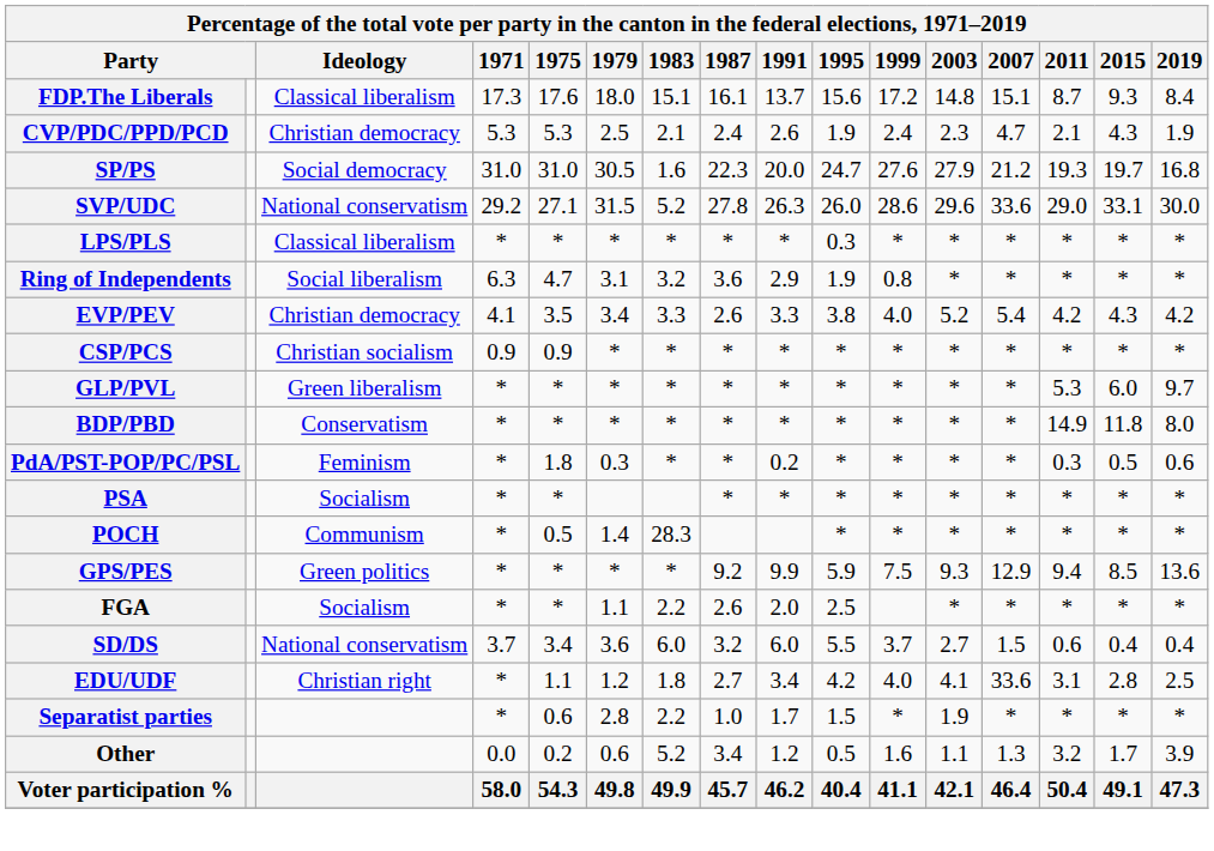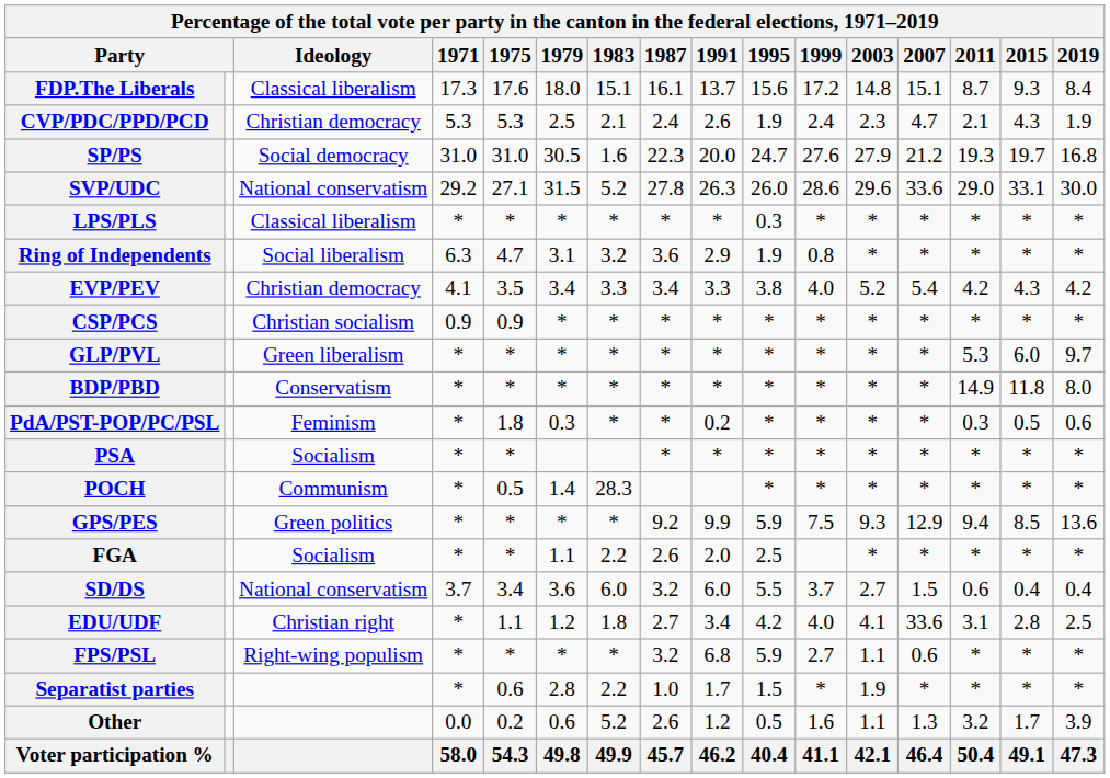 <table class="wikitable sortable" style ="text-align: center">
 <tr>
 <th colspan="16">Percentage of the total vote per party in the canton in the federal elections, 1971–2019</th>
 </tr>
 <tr>
 <th colspan="2">Party</th>
 <th class="unsortable">Ideology</th>
 <th>1971</th>
 <th>1975</th>
 <th>1979</th>
 <th>1983</th>
 <th>1987</th>
 <th>1991</th>
 <th>1995</th>
 <th>1999</th>
 <th>2003</th>
 <th>2007</th>
 <th>2011</th>
 <th>2015</th>
 <th>2019</th>
 </tr>
 <tr>
 <th><a href='#'>FDP.The Liberals</a></th>
 <td style="color:inherit;background:"></td>
 <td><a href='#'>Classical liberalism</a></td>
 <td>17.3</td>
 <td>17.6</td>
 <td>18.0</td>
 <td>15.1</td>
 <td>16.1</td>
 <td>13.7</td>
 <td>15.6</td>
 <td>17.2</td>
 <td>14.8</td>
 <td>15.1</td>
 <td>8.7</td>
 <td>9.3</td>
 <td>8.4</td>
 </tr>
 <tr>
 <th><a href='#'>CVP/PDC/PPD/PCD</a></th>
 <td style="color:inherit;background:"></td>
 <td><a href='#'>Christian democracy</a></td>
 <td>5.3</td>
 <td>5.3</td>
 <td>2.5</td>
 <td>2.1</td>
 <td>2.4</td>
 <td>2.6</td>
 <td>1.9</td>
 <td>2.4</td>
 <td>2.3</td>
 <td>4.7</td>
 <td>2.1</td>
 <td>4.3</td>
 <td>1.9</td>
 </tr>
 <tr>
 <th><a href='#'>SP/PS</a></th>
 <td style="color:inherit;background:"></td>
 <td><a href='#'>Social democracy</a></td>
 <td>31.0</td>
 <td>31.0</td>
 <td>30.5</td>
 <td>1.6</td>
 <td>22.3</td>
 <td>20.0</td>
 <td>24.7</td>
 <td>27.6</td>
 <td>27.9</td>
 <td>21.2</td>
 <td>19.3</td>
 <td>19.7</td>
 <td>16.8</td>
 </tr>
 <tr>
 <th><a href='#'>SVP/UDC</a></th>
 <td style="color:inherit;background:"></td>
 <td><a href='#'>National conservatism</a></td>
 <td>29.2</td>
 <td>27.1</td>
 <td>31.5</td>
 <td>5.2</td>
 <td>27.8</td>
 <td>26.3</td>
 <td>26.0</td>
 <td>28.6</td>
 <td>29.6</td>
 <td>33.6</td>
 <td>29.0</td>
 <td>33.1</td>
 <td>30.0</td>
 </tr>
 <tr>
 <th><a href='#'>LPS/PLS</a></th>
 <td style="color:inherit;background:"></td>
 <td><a href='#'>Classical liberalism</a></td>
 <td>*</td>
 <td>*</td>
 <td>*</td>
 <td>*</td>
 <td>*</td>
 <td>*</td>
 <td>0.3</td>
 <td>*</td>
 <td>*</td>
 <td>*</td>
 <td>*</td>
 <td>*</td>
 <td>*</td>
 </tr>
 <tr>
 <th><a href='#'>Ring of Independents</a></th>
 <td></td>
 <td><a href='#'>Social liberalism</a></td>
 <td>6.3</td>
 <td>4.7</td>
 <td>3.1</td>
 <td>3.2</td>
 <td>3.6</td>
 <td>2.9</td>
 <td>1.9</td>
 <td>0.8</td>
 <td>*</td>
 <td>*</td>
 <td>*</td>
 <td>*</td>
 <td>*</td>
 </tr>
 <tr>
 <th><a href='#'>EVP/PEV</a></th>
 <td style="color:inherit;background:"></td>
 <td><a href='#'>Christian democracy</a></td>
 <td>4.1</td>
 <td>3.5</td>
 <td>3.4</td>
 <td>3.3</td>
-<td>2.6</td>
+<td>3.4</td>
 <td>3.3</td>
 <td>3.8</td>
 <td>4.0</td>
 <td>5.2</td>
 <td>5.4</td>
 <td>4.2</td>
 <td>4.3</td>
 <td>4.2</td>
 </tr>
 <tr>
 <th><a href='#'>CSP/PCS</a></th>
 <td style="color:inherit;background:"></td>
 <td><a href='#'>Christian socialism</a></td>
 <td>0.9</td>
 <td>0.9</td>
 <td>*</td>
 <td>*</td>
 <td>*</td>
 <td>*</td>
 <td>*</td>
 <td>*</td>
 <td>*</td>
 <td>*</td>
 <td>*</td>
 <td>*</td>
 <td>*</td>
 </tr>
 <tr>
 <th><a href='#'>GLP/PVL</a></th>
 <td style="color:inherit;background:"></td>
 <td><a href='#'>Green liberalism</a></td>
 <td>*</td>
 <td>*</td>
 <td>*</td>
 <td>*</td>
 <td>*</td>
 <td>*</td>
 <td>*</td>
 <td>*</td>
 <td>*</td>
 <td>*</td>
 <td>5.3</td>
 <td>6.0</td>
 <td>9.7</td>
 </tr>
 <tr>
 <th><a href='#'>BDP/PBD</a></th>
 <td style="color:inherit;background:"></td>
 <td><a href='#'>Conservatism</a></td>
 <td>*</td>
 <td>*</td>
 <td>*</td>
 <td>*</td>
 <td>*</td>
 <td>*</td>
 <td>*</td>
 <td>*</td>
 <td>*</td>
 <td>*</td>
 <td>14.9</td>
 <td>11.8</td>
 <td>8.0</td>
 </tr>
 <tr>
 <th><a href='#'>PdA/PST-POP/PC/PSL</a></th>
 <td style="color:inherit;background:"></td>
 <td><a href='#'>Feminism</a></td>
 <td>*</td>
 <td>1.8</td>
 <td>0.3</td>
 <td>*</td>
 <td>*</td>
 <td>0.2</td>
 <td>*</td>
 <td>*</td>
 <td>*</td>
 <td>*</td>
 <td>0.3</td>
 <td>0.5</td>
 <td>0.6</td>
 </tr>
 <tr>
 <th><a href='#'>PSA</a></th>
 <td></td>
 <td><a href='#'>Socialism</a></td>
 <td>*</td>
 <td>*</td>
 <td></td>
 <td></td>
 <td>*</td>
 <td>*</td>
 <td>*</td>
 <td>*</td>
 <td>*</td>
 <td>*</td>
 <td>*</td>
 <td>*</td>
 <td>*</td>
 </tr>
 <tr>
 <th><a href='#'>POCH</a></th>
 <td></td>
 <td><a href='#'>Communism</a></td>
 <td>*</td>
 <td>0.5</td>
 <td>1.4</td>
 <td>28.3</td>
 <td></td>
 <td></td>
 <td>*</td>
 <td>*</td>
 <td>*</td>
 <td>*</td>
 <td>*</td>
 <td>*</td>
 <td>*</td>
 </tr>
 <tr>
 <th><a href='#'>GPS/PES</a></th>
 <td style="color:inherit;background:"></td>
 <td><a href='#'>Green politics</a></td>
 <td>*</td>
 <td>*</td>
 <td>*</td>
 <td>*</td>
 <td>9.2</td>
 <td>9.9</td>
 <td>5.9</td>
 <td>7.5</td>
 <td>9.3</td>
 <td>12.9</td>
 <td>9.4</td>
 <td>8.5</td>
 <td>13.6</td>
 </tr>
 <tr>
 <th>FGA</th>
 <td></td>
 <td><a href='#'>Socialism</a></td>
 <td>*</td>
 <td>*</td>
 <td>1.1</td>
 <td>2.2</td>
 <td>2.6</td>
 <td>2.0</td>
 <td>2.5</td>
 <td></td>
 <td>*</td>
 <td>*</td>
 <td>*</td>
 <td>*</td>
 <td>*</td>
 </tr>
 <tr>
 <th><a href='#'>SD/DS</a></th>
 <td style="color:inherit;background:"></td>
 <td><a href='#'>National conservatism</a></td>
 <td>3.7</td>
 <td>3.4</td>
 <td>3.6</td>
 <td>6.0</td>
 <td>3.2</td>
 <td>6.0</td>
 <td>5.5</td>
 <td>3.7</td>
 <td>2.7</td>
 <td>1.5</td>
 <td>0.6</td>
 <td>0.4</td>
 <td>0.4</td>
 </tr>
 <tr>
 <th><a href='#'>EDU/UDF</a></th>
 <td style="color:inherit;background:"></td>
 <td><a href='#'>Christian right</a></td>
 <td>*</td>
 <td>1.1</td>
 <td>1.2</td>
 <td>1.8</td>
 <td>2.7</td>
 <td>3.4</td>
 <td>4.2</td>
 <td>4.0</td>
 <td>4.1</td>
 <td>33.6</td>
 <td>3.1</td>
 <td>2.8</td>
 <td>2.5</td>
 </tr>
 <tr>
+<th><a href='#'>FPS/PSL</a></th>
+<td style="color:inherit;background:"></td>
+<td><a href='#'>Right-wing populism</a></td>
+<td>*</td>
+<td>*</td>
+<td>*</td>
+<td>*</td>
+<td>3.2</td>
+<td>6.8</td>
+<td>5.9</td>
+<td>2.7</td>
+<td>1.1</td>
+<td>0.6</td>
+<td>*</td>
+<td>*</td>
+<td>*</td>
+</tr>
+<tr>
 <th><a href='#'>Separatist parties</a></th>
 <td></td>
 <td></td>
 <td>*</td>
 <td>0.6</td>
 <td>2.8</td>
 <td>2.2</td>
 <td>1.0</td>
 <td>1.7</td>
 <td>1.5</td>
 <td>*</td>
 <td>1.9</td>
 <td>*</td>
 <td>*</td>
 <td>*</td>
 <td>*</td>
 </tr>
 <tr>
 <th>Other</th>
 <td></td>
 <td></td>
 <td>0.0</td>
 <td>0.2</td>
 <td>0.6</td>
 <td>5.2</td>
-<td>3.4</td>
+<td>2.6</td>
 <td>1.2</td>
 <td>0.5</td>
 <td>1.6</td>
 <td>1.1</td>
 <td>1.3</td>
 <td>3.2</td>
 <td>1.7</td>
 <td>3.9</td>
 </tr>
 <tr>
 <th>Voter participation %</th>
 <th></th>
 <th></th>
 <th>58.0</th>
 <th>54.3</th>
 <th>49.8</th>
 <th>49.9</th>
 <th>45.7</th>
 <th>46.2</th>
 <th>40.4</th>
 <th>41.1</th>
 <th>42.1</th>
 <th>46.4</th>
 <th>50.4</th>
 <th>49.1</th>
 <th>47.3</th>
 </tr>
 <tr>
 </tr>
 </table>
